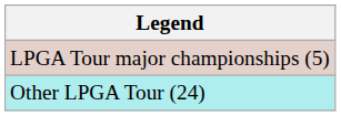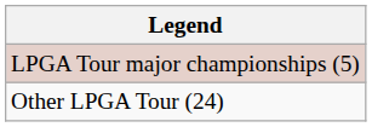 <table class="wikitable" style="font-size:95%;">
 <tr>
 <th>Legend</th>
 </tr>
 <tr style="background:#e5d1cb;">
 <td>LPGA Tour major championships (5)</td>
 </tr>
 <tr>
-<td style="background: paleturquoise;">Other LPGA Tour (24)</td>
+<td>Other LPGA Tour (24)</td>
 </tr>
 </table>
